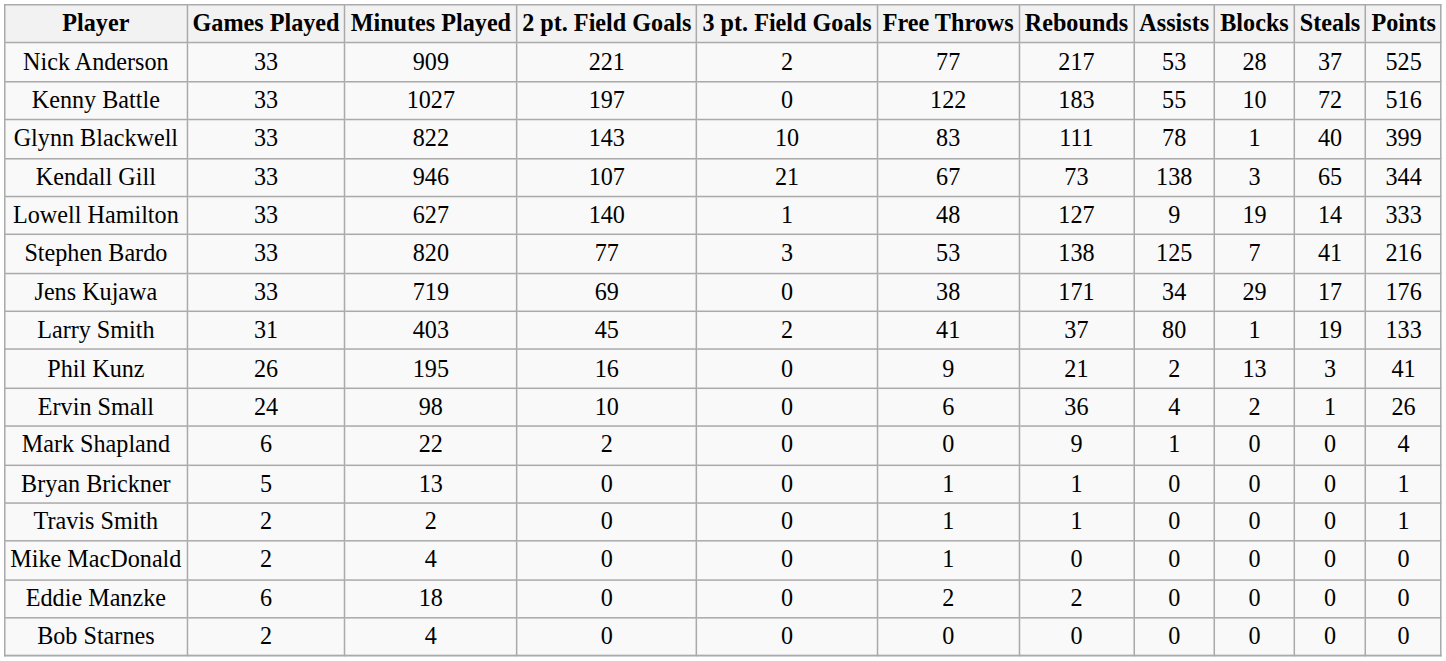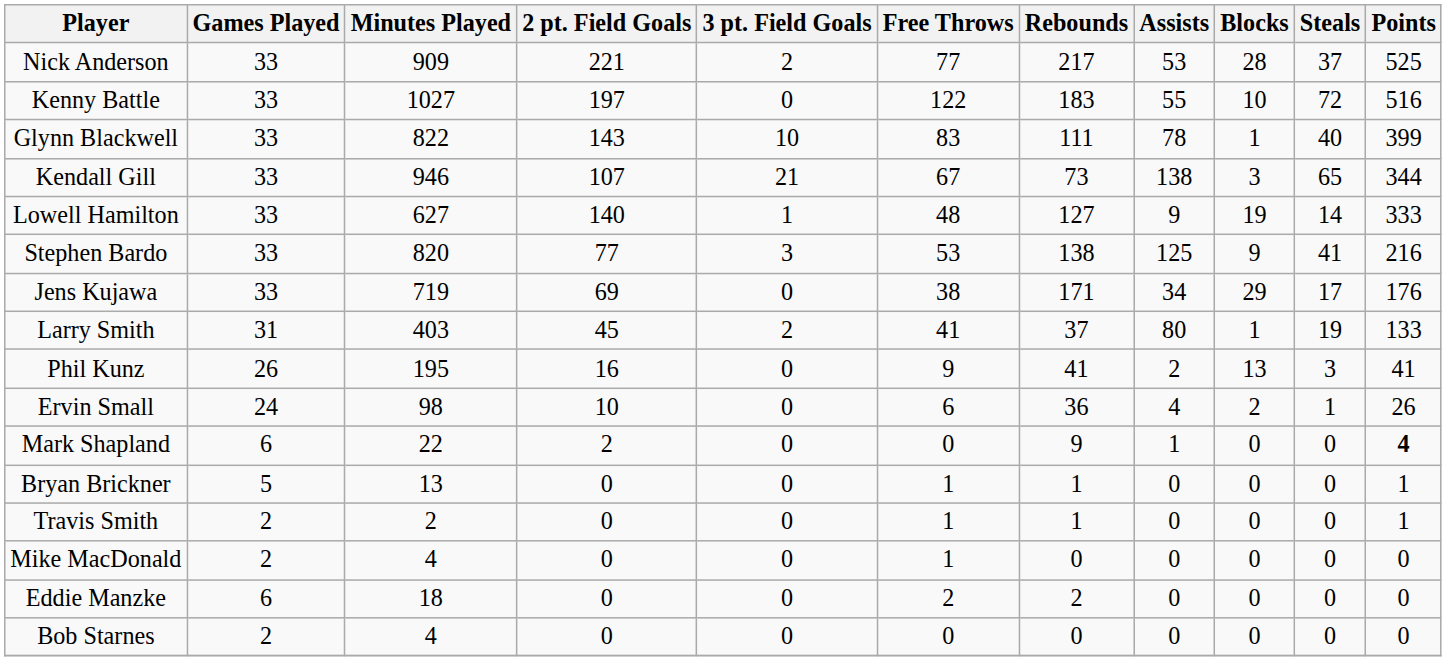 <table class="wikitable sortable" style="text-align:center">
 <tr>
 <th>Player</th>
 <th>Games Played</th>
 <th>Minutes Played</th>
 <th>2 pt. Field Goals</th>
 <th>3 pt. Field Goals</th>
 <th>Free Throws</th>
 <th>Rebounds</th>
 <th>Assists</th>
 <th>Blocks</th>
 <th>Steals</th>
 <th>Points</th>
 </tr>
 <tr align="center" bgcolor="">
 <td>Nick Anderson</td>
 <td>33</td>
 <td>909</td>
 <td>221</td>
 <td>2</td>
 <td>77</td>
 <td>217</td>
 <td>53</td>
 <td>28</td>
 <td>37</td>
 <td>525</td>
 </tr>
 <tr align="center" bgcolor="">
 <td>Kenny Battle</td>
 <td>33</td>
 <td>1027</td>
 <td>197</td>
 <td>0</td>
 <td>122</td>
 <td>183</td>
 <td>55</td>
 <td>10</td>
 <td>72</td>
 <td>516</td>
 </tr>
 <tr align="center" bgcolor="">
 <td>Glynn Blackwell</td>
 <td>33</td>
 <td>822</td>
 <td>143</td>
 <td>10</td>
 <td>83</td>
 <td>111</td>
 <td>78</td>
 <td>1</td>
 <td>40</td>
 <td>399</td>
 </tr>
 <tr align="center" bgcolor="">
 <td>Kendall Gill</td>
 <td>33</td>
 <td>946</td>
 <td>107</td>
 <td>21</td>
 <td>67</td>
 <td>73</td>
 <td>138</td>
 <td>3</td>
 <td>65</td>
 <td>344</td>
 </tr>
 <tr align="center" bgcolor="">
 <td>Lowell Hamilton</td>
 <td>33</td>
 <td>627</td>
 <td>140</td>
 <td>1</td>
 <td>48</td>
 <td>127</td>
 <td>9</td>
 <td>19</td>
 <td>14</td>
 <td>333</td>
 </tr>
 <tr align="center" bgcolor="">
 <td>Stephen Bardo</td>
 <td>33</td>
 <td>820</td>
 <td>77</td>
 <td>3</td>
 <td>53</td>
 <td>138</td>
 <td>125</td>
-<td>7</td>
+<td>9</td>
 <td>41</td>
 <td>216</td>
 </tr>
 <tr align="center" bgcolor="">
 <td>Jens Kujawa</td>
 <td>33</td>
 <td>719</td>
 <td>69</td>
 <td>0</td>
 <td>38</td>
 <td>171</td>
 <td>34</td>
 <td>29</td>
 <td>17</td>
 <td>176</td>
 </tr>
 <tr align="center" bgcolor="">
 <td>Larry Smith</td>
 <td>31</td>
 <td>403</td>
 <td>45</td>
 <td>2</td>
 <td>41</td>
 <td>37</td>
 <td>80</td>
 <td>1</td>
 <td>19</td>
 <td>133</td>
 </tr>
 <tr align="center" bgcolor="">
 <td>Phil Kunz</td>
 <td>26</td>
 <td>195</td>
 <td>16</td>
 <td>0</td>
 <td>9</td>
-<td>21</td>
+<td>41</td>
 <td>2</td>
 <td>13</td>
 <td>3</td>
 <td>41</td>
 </tr>
 <tr align="center" bgcolor="">
 <td>Ervin Small</td>
 <td>24</td>
 <td>98</td>
 <td>10</td>
 <td>0</td>
 <td>6</td>
 <td>36</td>
 <td>4</td>
 <td>2</td>
 <td>1</td>
 <td>26</td>
 </tr>
 <tr align="center" bgcolor="">
 <td>Mark Shapland</td>
 <td>6</td>
 <td>22</td>
 <td>2</td>
 <td>0</td>
 <td>0</td>
 <td>9</td>
 <td>1</td>
 <td>0</td>
 <td>0</td>
-<td>4</td>
+<td><strong>4</strong></td>
 </tr>
 <tr align="center" bgcolor="">
 <td>Bryan Brickner</td>
 <td>5</td>
 <td>13</td>
 <td>0</td>
 <td>0</td>
 <td>1</td>
 <td>1</td>
 <td>0</td>
 <td>0</td>
 <td>0</td>
 <td>1</td>
 </tr>
 <tr align="center" bgcolor="">
 <td>Travis Smith</td>
 <td>2</td>
 <td>2</td>
 <td>0</td>
 <td>0</td>
 <td>1</td>
 <td>1</td>
 <td>0</td>
 <td>0</td>
 <td>0</td>
 <td>1</td>
 </tr>
 <tr align="center" bgcolor="">
 <td>Mike MacDonald</td>
 <td>2</td>
 <td>4</td>
 <td>0</td>
 <td>0</td>
 <td>1</td>
 <td>0</td>
 <td>0</td>
 <td>0</td>
 <td>0</td>
 <td>0</td>
 </tr>
 <tr align="center" bgcolor="">
 <td>Eddie Manzke</td>
 <td>6</td>
 <td>18</td>
 <td>0</td>
 <td>0</td>
 <td>2</td>
 <td>2</td>
 <td>0</td>
 <td>0</td>
 <td>0</td>
 <td>0</td>
 </tr>
 <tr align="center" bgcolor="">
 <td>Bob Starnes</td>
 <td>2</td>
 <td>4</td>
 <td>0</td>
 <td>0</td>
 <td>0</td>
 <td>0</td>
 <td>0</td>
 <td>0</td>
 <td>0</td>
 <td>0</td>
 </tr>
 <tr align="center" bgcolor="">
 </tr>
 </table>
